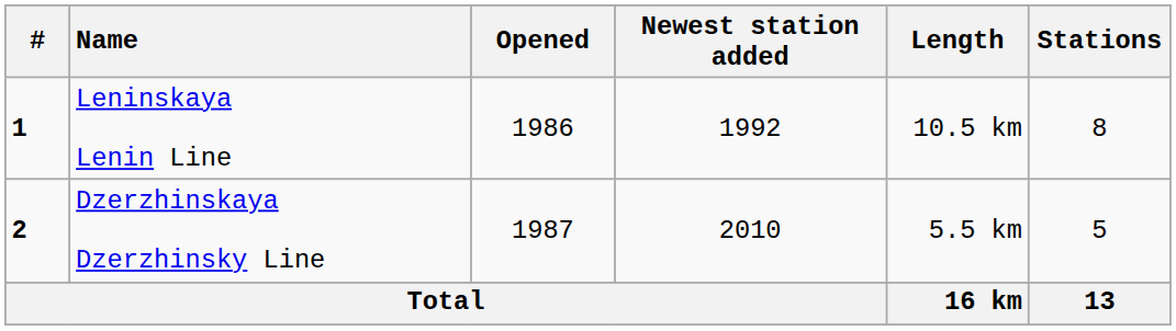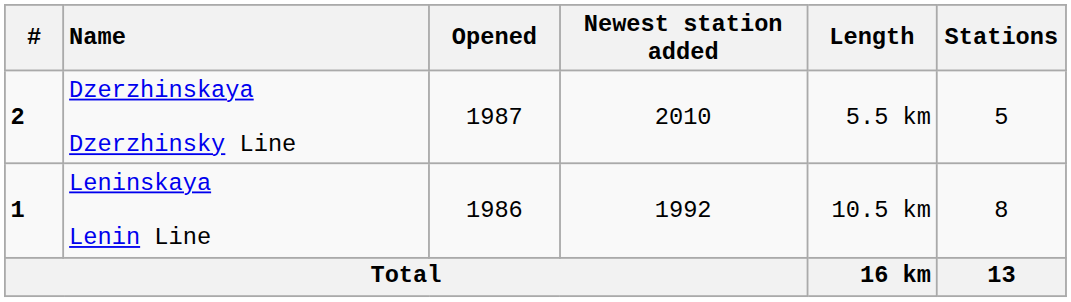 <table class="wikitable">
 <tr>
 <th style="width:2em; text-align:center;">#</th>
 <th style="width:15em; text-align:left;">Name</th>
 <th style="width:5em; text-align:center;">Opened</th>
 <th style="width:10em; text-align:center;">Newest station added</th>
 <th style="width:5em; text-align:center;">Length</th>
 <th style="width:5em; text-align:center;">Stations</th>
 </tr>
 <tr>
+<td style="background: #"><strong>2</strong></td>
+<td style="text-align: left;"><a href='#'>Dzerzhinskaya</a><br><br><a href='#'>Dzerzhinsky</a> Line</td>
+<td style="text-align: center;">1987</td>
+<td style="text-align: center;">2010</td>
+<td style="text-align: right;">5.5 km</td>
+<td style="text-align: center;">5</td>
+</tr>
+<tr>
 <td style="background: #"><strong>1</strong></td>
 <td style="text-align: left;"><a href='#'>Leninskaya</a><br><br><a href='#'>Lenin</a> Line</td>
 <td style="text-align: center;">1986</td>
 <td style="text-align: center;">1992</td>
 <td style="text-align: right;">10.5 km</td>
 <td style="text-align: center;">8</td>
 </tr>
-<tr>
-<td style="background: #"><strong>2</strong></td>
-<td style="text-align: left;"><a href='#'>Dzerzhinskaya</a><br><br><a href='#'>Dzerzhinsky</a> Line</td>
-<td style="text-align: center;">1987</td>
-<td style="text-align: center;">2010</td>
-<td style="text-align: right;">5.5 km</td>
-<td style="text-align: center;">5</td>
-</tr>
 <tr style="background:#F2F2F2;">
 <td colspan="4" style="text-align: center;"><strong>Total</strong></td>
 <td style="text-align: right;"><strong>16 km</strong></td>
 <td style="text-align: center;"><strong>13</strong></td>
 </tr>
 </table>
